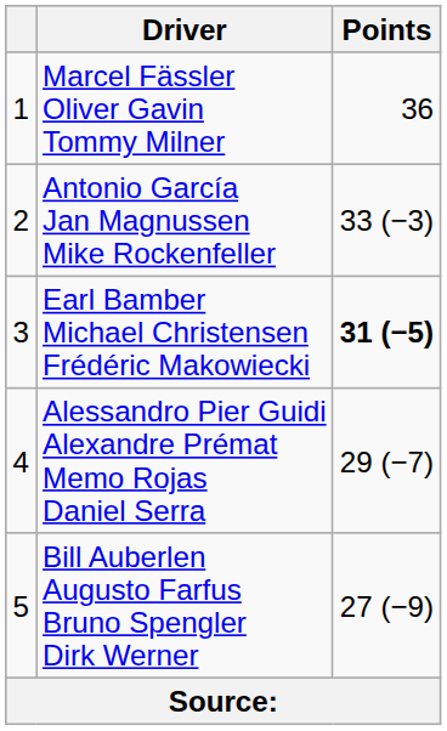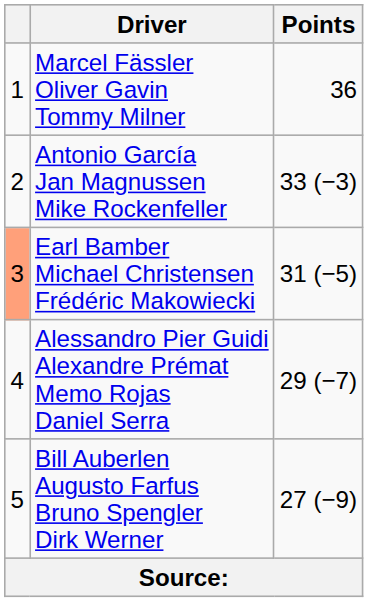 <table class="wikitable" style="font-size: 95%;">
 <tr>
 <th scope="col"></th>
 <th scope="col">Driver</th>
 <th scope="col">Points</th>
 </tr>
 <tr>
 <td align=center>1</td>
 <td> <a href='#'>Marcel Fässler</a><br> <a href='#'>Oliver Gavin</a><br> <a href='#'>Tommy Milner</a></td>
 <td align=right>36</td>
 </tr>
 <tr>
 <td align=center>2</td>
 <td> <a href='#'>Antonio García</a><br> <a href='#'>Jan Magnussen</a><br> <a href='#'>Mike Rockenfeller</a></td>
 <td align=right>33 (−3)</td>
 </tr>
 <tr>
-<td align=center>3</td>
+<td align=center style="background: lightsalmon;">3</td>
 <td> <a href='#'>Earl Bamber</a><br> <a href='#'>Michael Christensen</a><br> <a href='#'>Frédéric Makowiecki</a></td>
-<td align=right><strong>31 (−5)</strong></td>
+<td align=right>31 (−5)</td>
 </tr>
 <tr>
 <td align=center>4</td>
 <td> <a href='#'>Alessandro Pier Guidi</a><br> <a href='#'>Alexandre Prémat</a><br> <a href='#'>Memo Rojas</a><br> <a href='#'>Daniel Serra</a></td>
 <td align=right>29 (−7)</td>
 </tr>
 <tr>
 <td align=center>5</td>
 <td> <a href='#'>Bill Auberlen</a><br> <a href='#'>Augusto Farfus</a><br> <a href='#'>Bruno Spengler</a><br> <a href='#'>Dirk Werner</a></td>
 <td align=right>27 (−9)</td>
 </tr>
 <tr>
 <th colspan=4>Source:</th>
 </tr>
 </table>
